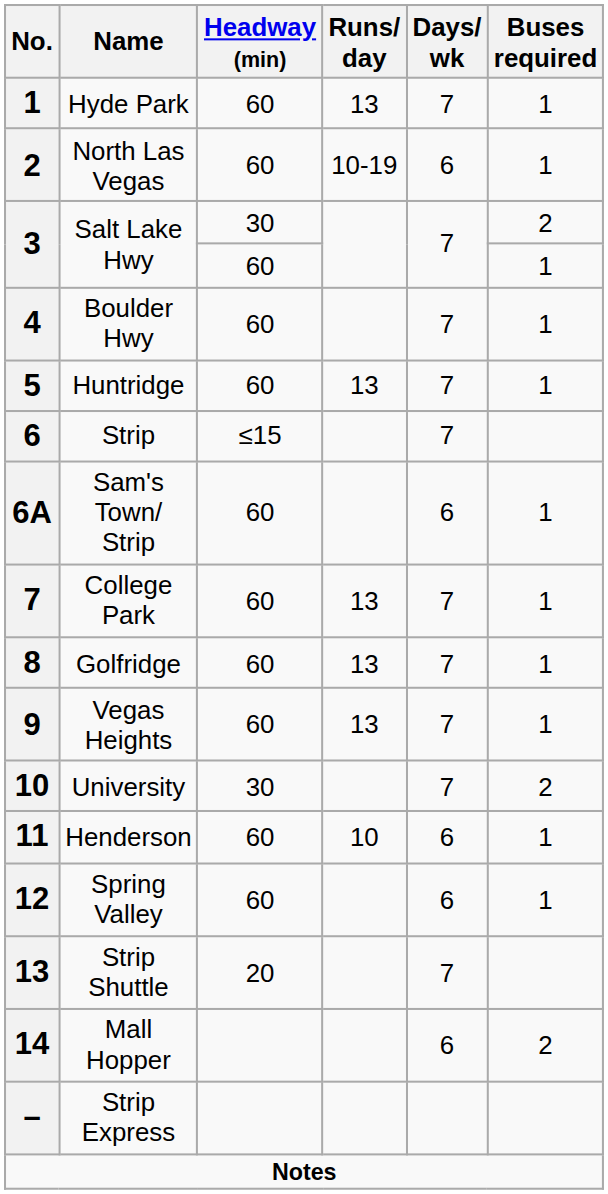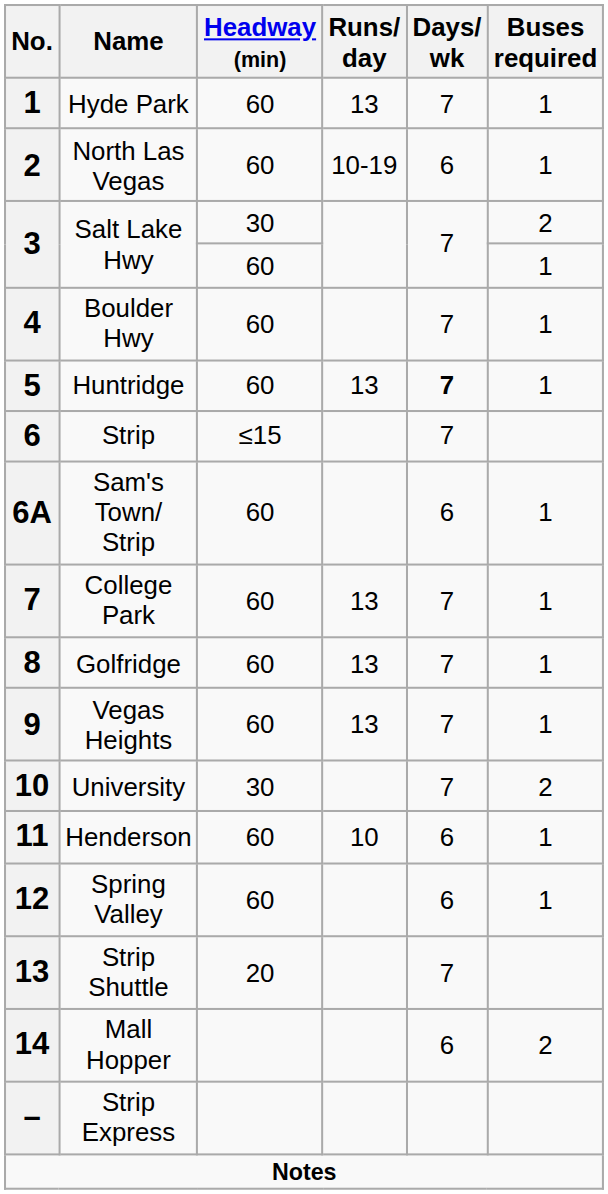 <table class="wikitable sortable mw-collapsible collapsed floatright" style=text-align:center;font-size:80%;width:20em;">
 <tr>
 <th>No.</th>
 <th>Name</th>
 <th><a href='#'>Headway</a><br><small>(min)</small></th>
 <th>Runs/ day</th>
 <th>Days/ wk</th>
 <th>Buses<br>required</th>
 </tr>
 <tr>
 <th style="font-size:120%;">1</th>
 <td>Hyde Park</td>
 <td>60</td>
 <td>13</td>
 <td>7</td>
 <td>1</td>
 </tr>
 <tr>
 <th style="font-size:120%;">2</th>
 <td>North Las Vegas</td>
 <td>60</td>
 <td>10-19</td>
 <td>6</td>
 <td>1</td>
 </tr>
 <tr>
 <th style="font-size:120%;" rowspan=2>3</th>
 <td rowspan=2>Salt Lake Hwy</td>
 <td>30</td>
 <td rowspan=2></td>
 <td rowspan=2>7</td>
 <td>2</td>
 </tr>
 <tr>
 <td>60</td>
 <td>1</td>
 </tr>
 <tr>
 <th style="font-size:120%;">4</th>
 <td>Boulder Hwy</td>
 <td>60</td>
 <td></td>
 <td>7</td>
 <td>1</td>
 </tr>
 <tr>
 <th style="font-size:120%;">5</th>
 <td>Huntridge</td>
 <td>60</td>
 <td>13</td>
-<td>7</td>
+<td><strong>7</strong></td>
 <td>1</td>
 </tr>
 <tr>
 <th style="font-size:120%;">6</th>
 <td>Strip</td>
 <td>≤15</td>
 <td></td>
 <td>7</td>
 <td></td>
 </tr>
 <tr>
 <th style="font-size:120%;">6A</th>
 <td>Sam's Town/ Strip</td>
 <td>60</td>
 <td></td>
 <td>6</td>
 <td>1</td>
 </tr>
 <tr>
 <th style="font-size:120%;">7</th>
 <td>College Park</td>
 <td>60</td>
 <td>13</td>
 <td>7</td>
 <td>1</td>
 </tr>
 <tr>
 <th style="font-size:120%;">8</th>
 <td>Golfridge</td>
 <td>60</td>
 <td>13</td>
 <td>7</td>
 <td>1</td>
 </tr>
 <tr>
 <th style="font-size:120%;">9</th>
 <td>Vegas Heights</td>
 <td>60</td>
 <td>13</td>
 <td>7</td>
 <td>1</td>
 </tr>
 <tr>
 <th style="font-size:120%;">10</th>
 <td>University</td>
 <td>30</td>
 <td></td>
 <td>7</td>
 <td>2</td>
 </tr>
 <tr>
 <th style="font-size:120%;">11</th>
 <td>Henderson</td>
 <td>60</td>
 <td>10</td>
 <td>6</td>
 <td>1</td>
 </tr>
 <tr>
 <th style="font-size:120%;">12</th>
 <td>Spring Valley</td>
 <td>60</td>
 <td></td>
 <td>6</td>
 <td>1</td>
 </tr>
 <tr>
 <th style="font-size:120%;">13</th>
 <td>Strip Shuttle</td>
 <td>20</td>
 <td></td>
 <td>7</td>
 <td></td>
 </tr>
 <tr>
 <th style="font-size:120%;">14</th>
 <td>Mall Hopper</td>
 <td></td>
 <td></td>
 <td>6</td>
 <td>2</td>
 </tr>
 <tr>
 <th style="font-size:120%;">–</th>
 <td>Strip Express</td>
 <td></td>
 <td></td>
 <td></td>
 <td></td>
 </tr>
 <tr>
 <td colspan=6 style="font-size:90%;"><strong>Notes</strong><br></td>
 </tr>
 </table>
